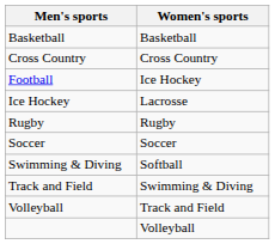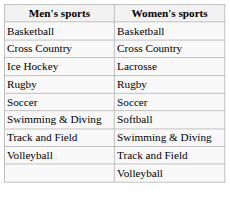 <table class="wikitable"; style= "text-align: ">
 <tr>
 <th width=150px>Men's sports</th>
 <th width=150px>Women's sports</th>
 </tr>
 <tr>
 <td>Basketball</td>
 <td>Basketball</td>
 </tr>
 <tr>
 <td>Cross Country</td>
 <td>Cross Country</td>
-</tr>
-<tr>
-<td><a href='#'>Football</a></td>
-<td>Ice Hockey</td>
 </tr>
 <tr>
 <td>Ice Hockey</td>
 <td>Lacrosse</td>
 </tr>
 <tr>
 <td>Rugby</td>
 <td>Rugby</td>
 </tr>
 <tr>
 <td>Soccer</td>
 <td>Soccer</td>
 </tr>
 <tr>
 <td>Swimming & Diving</td>
 <td>Softball</td>
 </tr>
 <tr>
 <td>Track and Field</td>
 <td>Swimming & Diving</td>
 </tr>
 <tr>
 <td>Volleyball</td>
 <td>Track and Field</td>
 </tr>
 <tr>
 <td></td>
 <td>Volleyball</td>
 </tr>
 </table>
